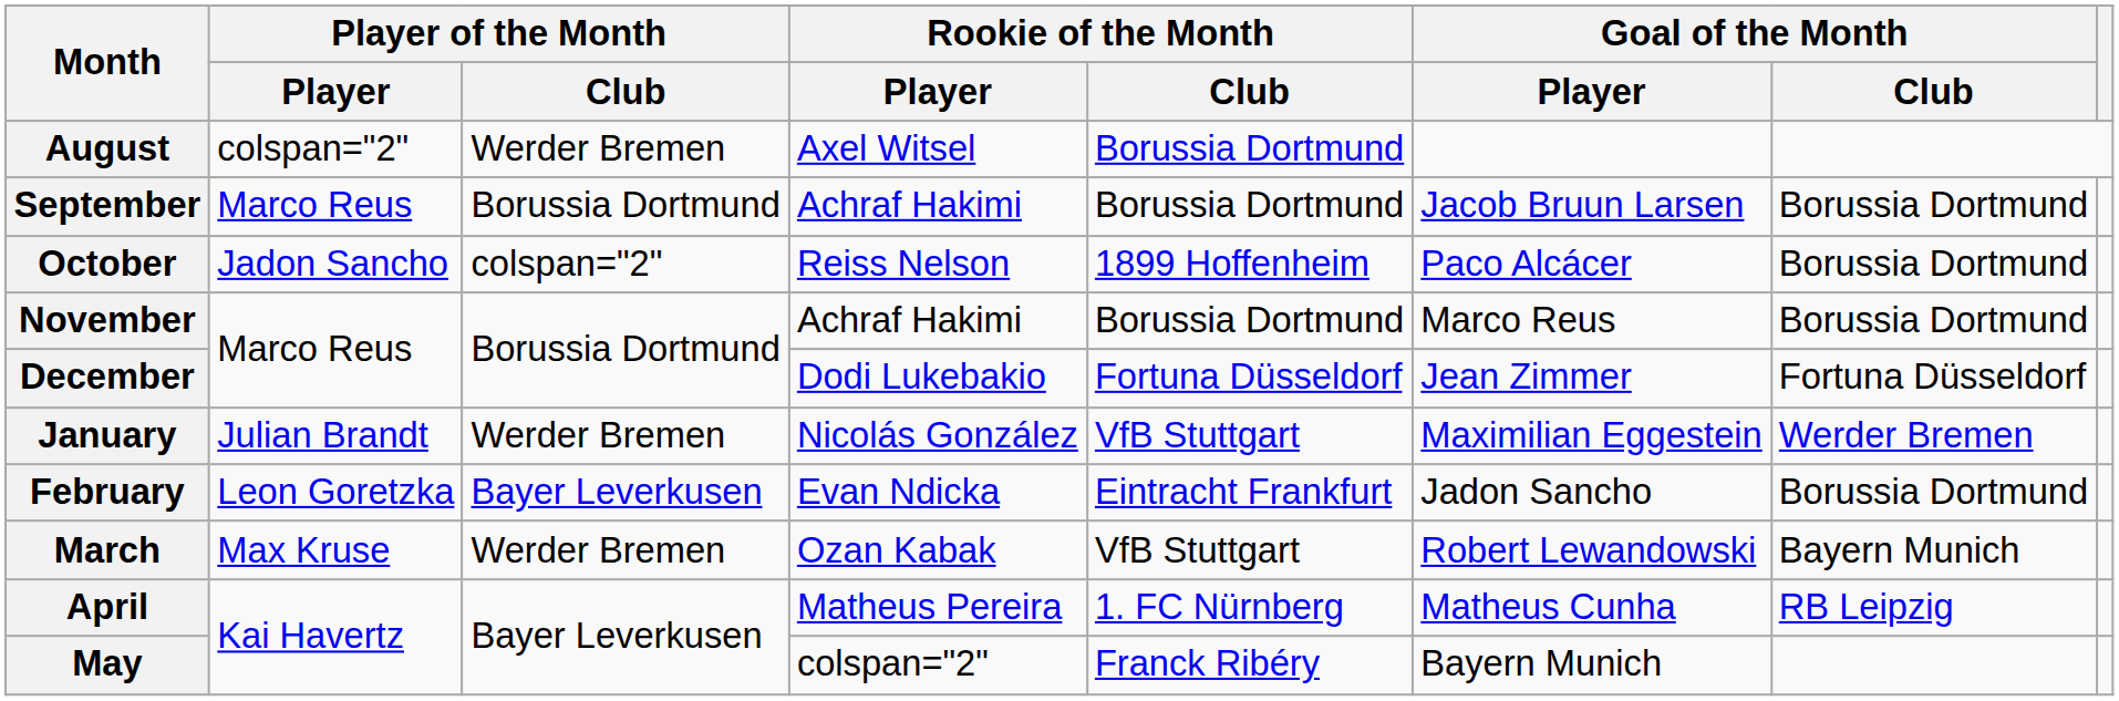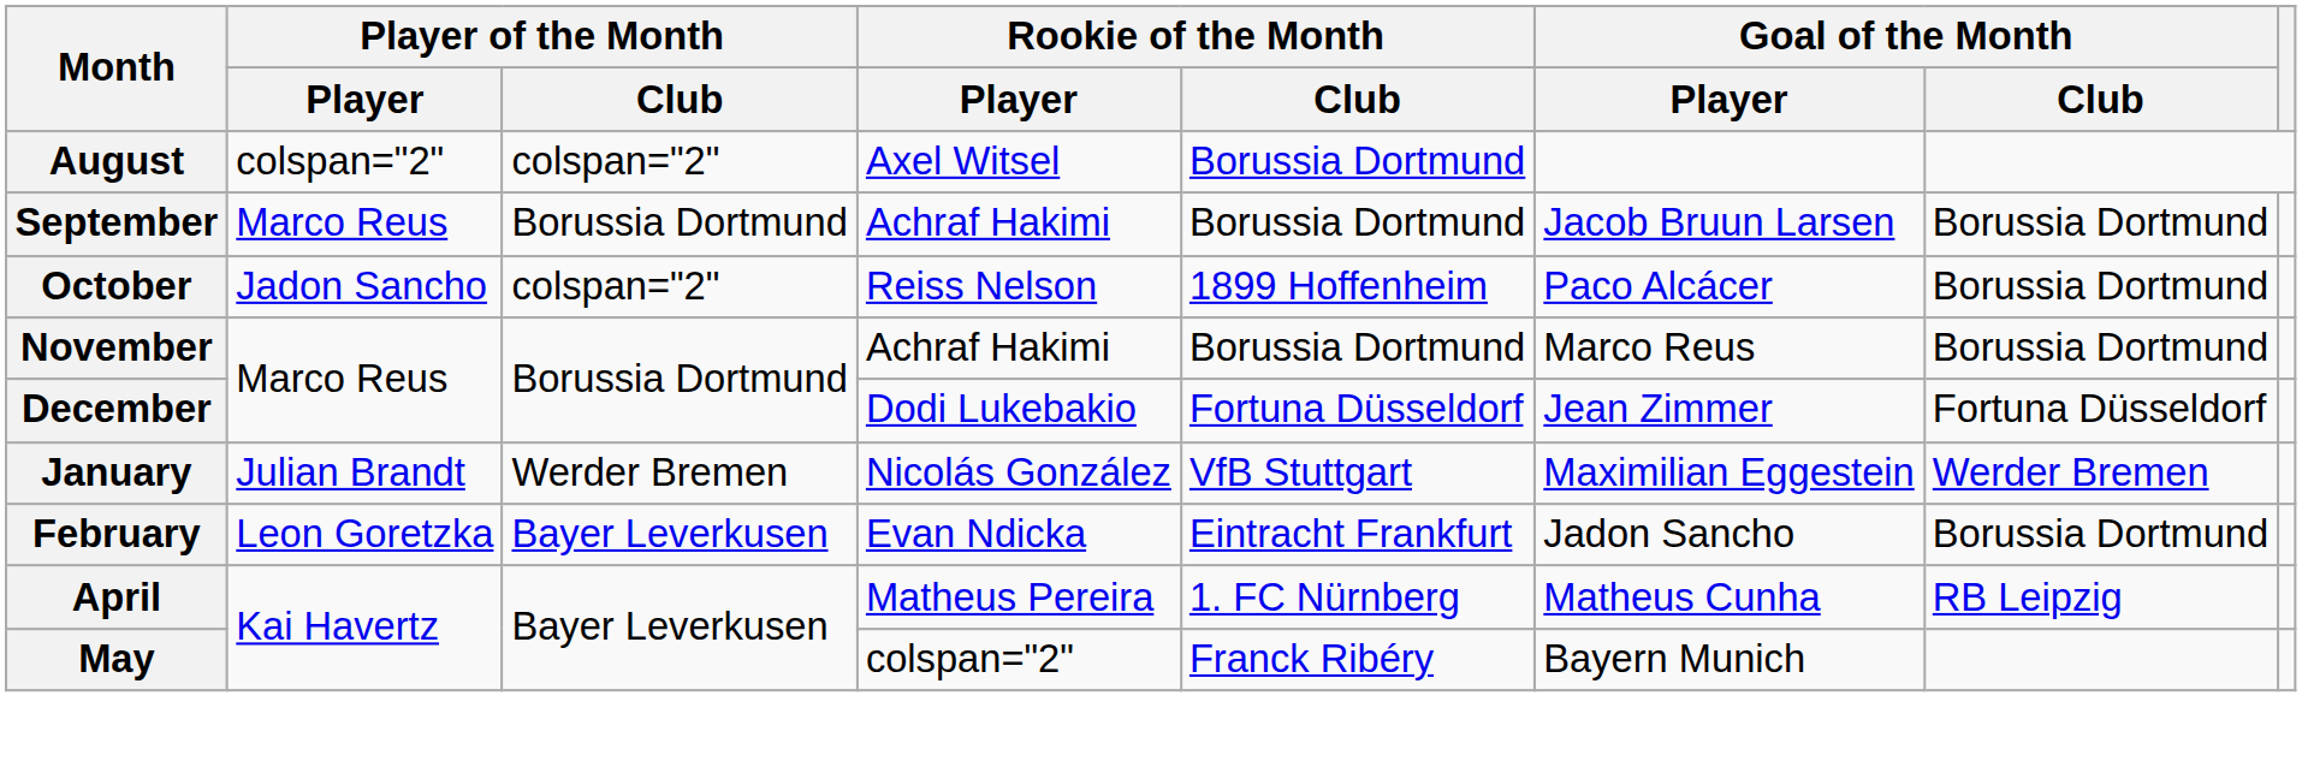 <table class="wikitable">
 <tr>
 <th rowspan="2">Month</th>
 <th colspan="2">Player of the Month</th>
 <th colspan="2">Rookie of the Month</th>
 <th colspan="2">Goal of the Month</th>
 <th rowspan="2"></th>
 </tr>
 <tr>
 <th>Player</th>
 <th>Club</th>
 <th>Player</th>
 <th>Club</th>
 <th>Player</th>
 <th>Club</th>
 </tr>
 <tr>
 <th>August</th>
 <td>colspan="2" </td>
-<td>Werder Bremen</td>
+<td>colspan="2" </td>
 <td> <a href='#'>Axel Witsel</a></td>
 <td><a href='#'>Borussia Dortmund</a></td>
 <td style="text-align:center"></td>
 </tr>
 <tr>
 <th>September</th>
 <td> <a href='#'>Marco Reus</a></td>
 <td>Borussia Dortmund</td>
 <td> <a href='#'>Achraf Hakimi</a></td>
 <td>Borussia Dortmund</td>
 <td> <a href='#'>Jacob Bruun Larsen</a></td>
 <td>Borussia Dortmund</td>
 <td style="text-align:center"></td>
 </tr>
 <tr>
 <th>October</th>
 <td> <a href='#'>Jadon Sancho</a></td>
 <td>colspan="2" </td>
 <td> <a href='#'>Reiss Nelson</a></td>
 <td><a href='#'>1899 Hoffenheim</a></td>
 <td> <a href='#'>Paco Alcácer</a></td>
 <td>Borussia Dortmund</td>
 <td style="text-align:center"></td>
 </tr>
 <tr>
 <th>November</th>
 <td rowspan="2"> Marco Reus</td>
 <td rowspan="2">Borussia Dortmund</td>
 <td> Achraf Hakimi</td>
 <td>Borussia Dortmund</td>
 <td> Marco Reus</td>
 <td>Borussia Dortmund</td>
 <td style="text-align:center"></td>
 </tr>
 <tr>
 <th>December</th>
 <td> <a href='#'>Dodi Lukebakio</a></td>
 <td><a href='#'>Fortuna Düsseldorf</a></td>
 <td> <a href='#'>Jean Zimmer</a></td>
 <td>Fortuna Düsseldorf</td>
 <td style="text-align:center"></td>
 </tr>
 <tr>
 <th>January</th>
 <td> <a href='#'>Julian Brandt</a></td>
 <td>Werder Bremen</td>
 <td> <a href='#'>Nicolás González</a></td>
 <td><a href='#'>VfB Stuttgart</a></td>
 <td> <a href='#'>Maximilian Eggestein</a></td>
 <td><a href='#'>Werder Bremen</a></td>
 <td style="text-align:center"></td>
 </tr>
 <tr>
 <th>February</th>
 <td> <a href='#'>Leon Goretzka</a></td>
 <td><a href='#'>Bayer Leverkusen</a></td>
 <td> <a href='#'>Evan Ndicka</a></td>
 <td><a href='#'>Eintracht Frankfurt</a></td>
 <td> Jadon Sancho</td>
 <td>Borussia Dortmund</td>
 <td style="text-align:center"></td>
 </tr>
 <tr>
-<th>March</th>
-<td> <a href='#'>Max Kruse</a></td>
-<td>Werder Bremen</td>
-<td> <a href='#'>Ozan Kabak</a></td>
-<td>VfB Stuttgart</td>
-<td> <a href='#'>Robert Lewandowski</a></td>
-<td>Bayern Munich</td>
-<td style="text-align:center"></td>
-</tr>
-<tr>
 <th>April</th>
 <td rowspan="2"> <a href='#'>Kai Havertz</a></td>
 <td rowspan="2">Bayer Leverkusen</td>
 <td> <a href='#'>Matheus Pereira</a></td>
 <td><a href='#'>1. FC Nürnberg</a></td>
 <td> <a href='#'>Matheus Cunha</a></td>
 <td><a href='#'>RB Leipzig</a></td>
 <td style="text-align:center"></td>
 </tr>
 <tr>
 <th>May</th>
 <td>colspan="2" </td>
 <td> <a href='#'>Franck Ribéry</a></td>
 <td>Bayern Munich</td>
 <td style="text-align:center"></td>
 </tr>
 </table>
